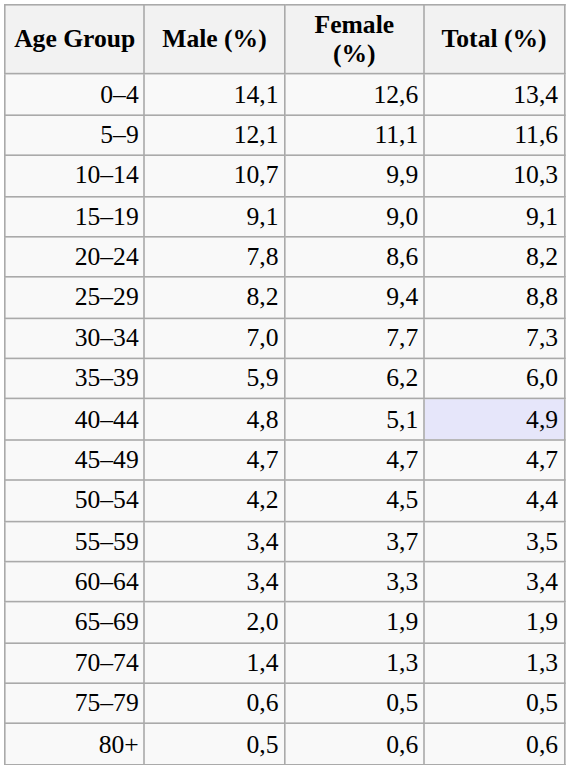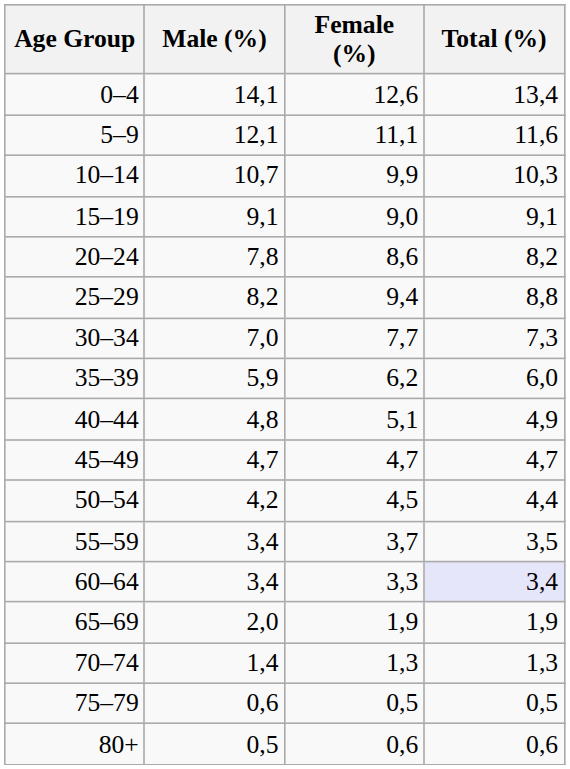 <table class="wikitable">
 <tr>
 <th width="80pt">Age Group</th>
 <th width="80pt">Male (%)</th>
 <th width="80pt">Female (%)</th>
 <th width="80pt">Total (%)</th>
 </tr>
 <tr>
 <td align="right">0–4</td>
 <td align="right">14,1</td>
 <td align="right">12,6</td>
 <td align="right">13,4</td>
 </tr>
 <tr>
 <td align="right">5–9</td>
 <td align="right">12,1</td>
 <td align="right">11,1</td>
 <td align="right">11,6</td>
 </tr>
 <tr>
 <td align="right">10–14</td>
 <td align="right">10,7</td>
 <td align="right">9,9</td>
 <td align="right">10,3</td>
 </tr>
 <tr>
 <td align="right">15–19</td>
 <td align="right">9,1</td>
 <td align="right">9,0</td>
 <td align="right">9,1</td>
 </tr>
 <tr>
 <td align="right">20–24</td>
 <td align="right">7,8</td>
 <td align="right">8,6</td>
 <td align="right">8,2</td>
 </tr>
 <tr>
 <td align="right">25–29</td>
 <td align="right">8,2</td>
 <td align="right">9,4</td>
 <td align="right">8,8</td>
 </tr>
 <tr>
 <td align="right">30–34</td>
 <td align="right">7,0</td>
 <td align="right">7,7</td>
 <td align="right">7,3</td>
 </tr>
 <tr>
 <td align="right">35–39</td>
 <td align="right">5,9</td>
 <td align="right">6,2</td>
 <td align="right">6,0</td>
 </tr>
 <tr>
 <td align="right">40–44</td>
 <td align="right">4,8</td>
 <td align="right">5,1</td>
-<td align="right" style="background: lavender;">4,9</td>
+<td align="right">4,9</td>
 </tr>
 <tr>
 <td align="right">45–49</td>
 <td align="right">4,7</td>
 <td align="right">4,7</td>
 <td align="right">4,7</td>
 </tr>
 <tr>
 <td align="right">50–54</td>
 <td align="right">4,2</td>
 <td align="right">4,5</td>
 <td align="right">4,4</td>
 </tr>
 <tr>
 <td align="right">55–59</td>
 <td align="right">3,4</td>
 <td align="right">3,7</td>
 <td align="right">3,5</td>
 </tr>
 <tr>
 <td align="right">60–64</td>
 <td align="right">3,4</td>
 <td align="right">3,3</td>
-<td align="right">3,4</td>
+<td align="right" style="background: lavender;">3,4</td>
 </tr>
 <tr>
 <td align="right">65–69</td>
 <td align="right">2,0</td>
 <td align="right">1,9</td>
 <td align="right">1,9</td>
 </tr>
 <tr>
 <td align="right">70–74</td>
 <td align="right">1,4</td>
 <td align="right">1,3</td>
 <td align="right">1,3</td>
 </tr>
 <tr>
 <td align="right">75–79</td>
 <td align="right">0,6</td>
 <td align="right">0,5</td>
 <td align="right">0,5</td>
 </tr>
 <tr>
 <td align="right">80+</td>
 <td align="right">0,5</td>
 <td align="right">0,6</td>
 <td align="right">0,6</td>
 </tr>
 <tr>
 </tr>
 </table>
